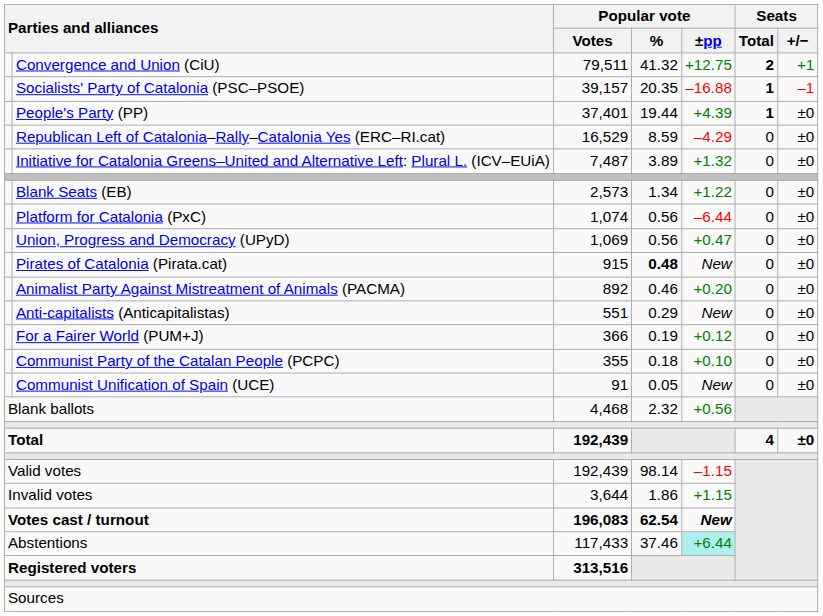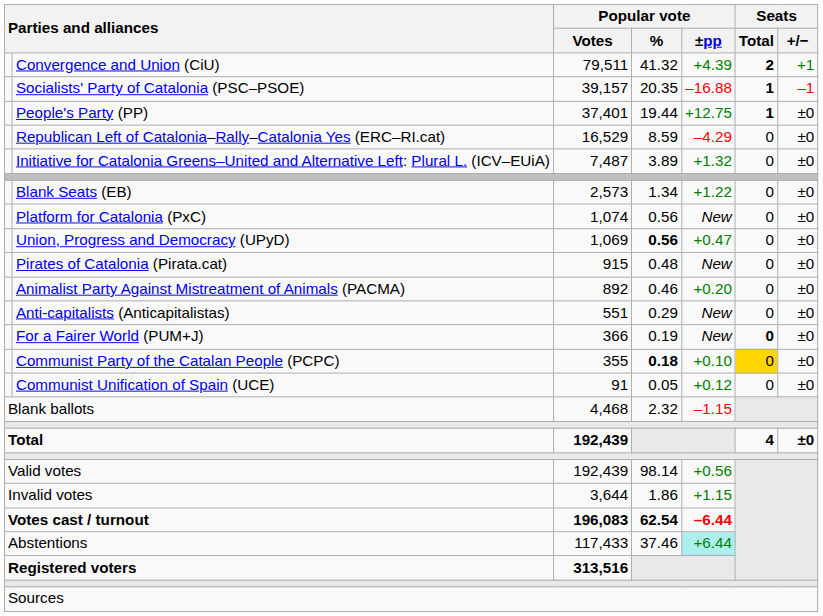 <table class="wikitable" style="text-align:right;">
 <tr>
 <th style="text-align:left;" rowspan="2" colspan="2" width="525">Parties and alliances</th>
 <th colspan="3">Popular vote</th>
 <th colspan="2">Seats</th>
 </tr>
 <tr>
 <th width="75">Votes</th>
 <th width="45">%</th>
 <th width="45">±<a href='#'>pp</a></th>
 <th width="35">Total</th>
 <th width="35">+/−</th>
 </tr>
 <tr>
 <td width="1" style="color:inherit;background:"></td>
 <td align="left"><a href='#'>Convergence and Union</a> (CiU)</td>
 <td>79,511</td>
 <td>41.32</td>
-<td style="color:green;">+12.75</td>
+<td style="color:green;">+4.39</td>
 <td><strong>2</strong></td>
 <td style="color:green;">+1</td>
 </tr>
 <tr>
 <td style="color:inherit;background:"></td>
 <td align="left"><a href='#'>Socialists' Party of Catalonia</a> (PSC–PSOE)</td>
 <td>39,157</td>
 <td>20.35</td>
 <td style="color:red;">–16.88</td>
 <td><strong>1</strong></td>
 <td style="color:red;">–1</td>
 </tr>
 <tr>
 <td style="color:inherit;background:"></td>
 <td align="left"><a href='#'>People's Party</a> (PP)</td>
 <td>37,401</td>
 <td>19.44</td>
-<td style="color:green;">+4.39</td>
+<td style="color:green;">+12.75</td>
 <td><strong>1</strong></td>
 <td>±0</td>
 </tr>
 <tr>
 <td style="color:inherit;background:"></td>
 <td align="left"><a href='#'>Republican Left of Catalonia</a>–<a href='#'>Rally</a>–<a href='#'>Catalonia Yes</a> (ERC–RI.cat)</td>
 <td>16,529</td>
 <td>8.59</td>
 <td style="color:red;">–4.29</td>
 <td>0</td>
 <td>±0</td>
 </tr>
 <tr>
 <td style="color:inherit;background:"></td>
 <td align="left"><a href='#'>Initiative for Catalonia Greens–United and Alternative Left</a>: <a href='#'>Plural L.</a> (ICV–EUiA)</td>
 <td>7,487</td>
 <td>3.89</td>
 <td style="color:green;">+1.32</td>
 <td>0</td>
 <td>±0</td>
 </tr>
 <tr>
 <td colspan="7" bgcolor="#C0C0C0"></td>
 </tr>
 <tr>
 <td style="color:inherit;background:"></td>
 <td align="left"><a href='#'>Blank Seats</a> (EB)</td>
 <td>2,573</td>
 <td>1.34</td>
 <td style="color:green;">+1.22</td>
 <td>0</td>
 <td>±0</td>
 </tr>
 <tr>
 <td style="color:inherit;background:"></td>
 <td align="left"><a href='#'>Platform for Catalonia</a> (PxC)</td>
 <td>1,074</td>
 <td>0.56</td>
-<td style="color:red;">–6.44</td>
+<td><em>New</em></td>
 <td>0</td>
 <td>±0</td>
 </tr>
 <tr>
 <td style="color:inherit;background:"></td>
 <td align="left"><a href='#'>Union, Progress and Democracy</a> (UPyD)</td>
 <td>1,069</td>
-<td>0.56</td>
+<td><strong>0.56</strong></td>
 <td style="color:green;">+0.47</td>
 <td>0</td>
 <td>±0</td>
 </tr>
 <tr>
 <td style="color:inherit;background:"></td>
 <td align="left"><a href='#'>Pirates of Catalonia</a> (Pirata.cat)</td>
 <td>915</td>
-<td><strong>0.48</strong></td>
+<td>0.48</td>
 <td><em>New</em></td>
 <td>0</td>
 <td>±0</td>
 </tr>
 <tr>
 <td style="color:inherit;background:"></td>
 <td align="left"><a href='#'>Animalist Party Against Mistreatment of Animals</a> (PACMA)</td>
 <td>892</td>
 <td>0.46</td>
 <td style="color:green;">+0.20</td>
 <td>0</td>
 <td>±0</td>
 </tr>
 <tr>
 <td style="color:inherit;background:"></td>
 <td align="left"><a href='#'>Anti-capitalists</a> (Anticapitalistas)</td>
 <td>551</td>
 <td>0.29</td>
 <td><em>New</em></td>
 <td>0</td>
 <td>±0</td>
 </tr>
 <tr>
 <td style="color:inherit;background:"></td>
 <td align="left"><a href='#'>For a Fairer World</a> (PUM+J)</td>
 <td>366</td>
 <td>0.19</td>
-<td style="color:green;">+0.12</td>
-<td>0</td>
+<td><em>New</em></td>
+<td><strong>0</strong></td>
 <td>±0</td>
 </tr>
 <tr>
 <td style="color:inherit;background:"></td>
 <td align="left"><a href='#'>Communist Party of the Catalan People</a> (PCPC)</td>
 <td>355</td>
-<td>0.18</td>
+<td><strong>0.18</strong></td>
 <td style="color:green;">+0.10</td>
-<td>0</td>
+<td style="background: gold;">0</td>
 <td>±0</td>
 </tr>
 <tr>
 <td style="color:inherit;background:"></td>
 <td align="left"><a href='#'>Communist Unification of Spain</a> (UCE)</td>
 <td>91</td>
 <td>0.05</td>
-<td><em>New</em></td>
+<td style="color:green;">+0.12</td>
 <td>0</td>
 <td>±0</td>
 </tr>
 <tr>
 <td align="left" colspan="2">Blank ballots</td>
 <td>4,468</td>
 <td>2.32</td>
-<td style="color:green;">+0.56</td>
+<td style="color:red;">–1.15</td>
 <td bgcolor="#E9E9E9" colspan="2"></td>
 </tr>
 <tr>
 <td colspan="7" bgcolor="#E9E9E9"></td>
 </tr>
 <tr style="font-weight:bold;">
 <td align="left" colspan="2">Total</td>
 <td>192,439</td>
 <td bgcolor="#E9E9E9" colspan="2"></td>
 <td>4</td>
 <td>±0</td>
 </tr>
 <tr>
 <td colspan="7" bgcolor="#E9E9E9"></td>
 </tr>
 <tr>
 <td align="left" colspan="2">Valid votes</td>
 <td>192,439</td>
 <td>98.14</td>
-<td style="color:red;">–1.15</td>
+<td style="color:green;">+0.56</td>
 <td bgcolor="#E9E9E9" colspan="2" rowspan="5"></td>
 </tr>
 <tr>
 <td align="left" colspan="2">Invalid votes</td>
 <td>3,644</td>
 <td>1.86</td>
 <td style="color:green;">+1.15</td>
 </tr>
 <tr style="font-weight:bold;">
 <td align="left" colspan="2">Votes cast / turnout</td>
 <td>196,083</td>
 <td>62.54</td>
-<td><em>New</em></td>
+<td style="color:red;">–6.44</td>
 </tr>
 <tr>
 <td align="left" colspan="2">Abstentions</td>
 <td>117,433</td>
 <td>37.46</td>
 <td style="background: paleturquoise; color:green;">+6.44</td>
 </tr>
 <tr style="font-weight:bold;">
 <td align="left" colspan="2">Registered voters</td>
 <td>313,516</td>
 <td bgcolor="#E9E9E9" colspan="2"></td>
 </tr>
 <tr>
 <td colspan="7" bgcolor="#E9E9E9"></td>
 </tr>
 <tr>
 <td align="left" colspan="7">Sources</td>
 </tr>
 </table>
